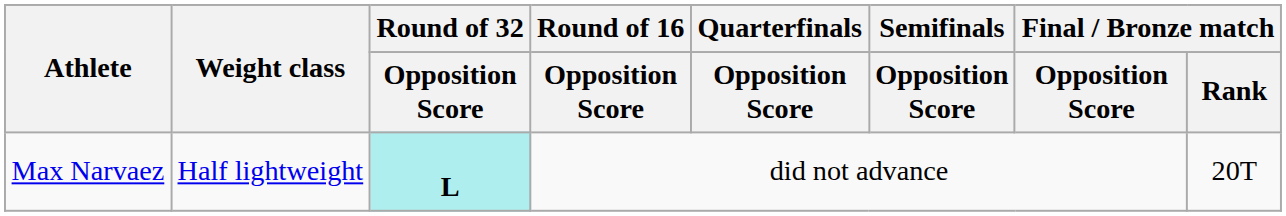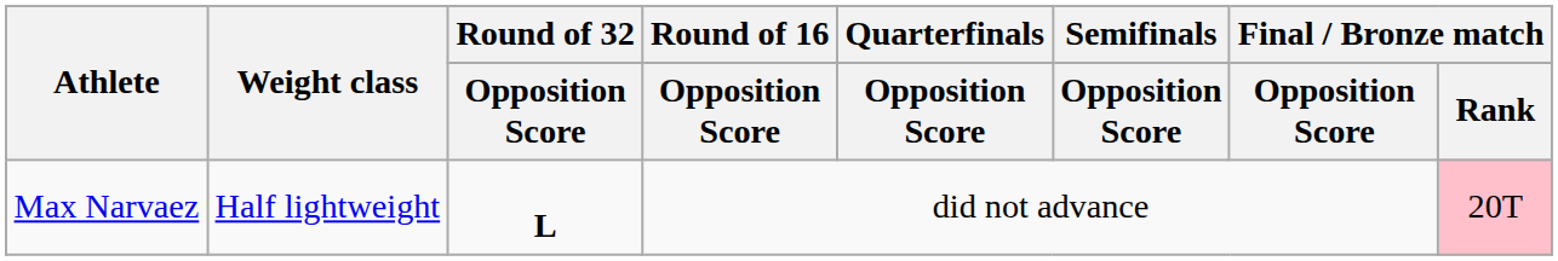 <table class=wikitable style="font-size:90%">
 <tr>
 <th rowspan="2">Athlete</th>
 <th rowspan="2">Weight class</th>
 <th>Round of 32</th>
 <th>Round of 16</th>
 <th>Quarterfinals</th>
 <th>Semifinals</th>
 <th colspan="2">Final / Bronze match</th>
 </tr>
 <tr>
 <th>Opposition<br>Score</th>
 <th>Opposition<br>Score</th>
 <th>Opposition<br>Score</th>
 <th>Opposition<br>Score</th>
 <th>Opposition<br>Score</th>
 <th>Rank</th>
 </tr>
 <tr>
 <td><a href='#'>Max Narvaez</a></td>
 <td><a href='#'>Half lightweight</a></td>
-<td align=center style="background: paleturquoise;"> <br> <strong>L</strong></td>
+<td align=center> <br> <strong>L</strong></td>
 <td align=center colspan=4>did not advance</td>
-<td align=center>20T</td>
+<td align=center style="background: pink;">20T</td>
 </tr>
 </table>
